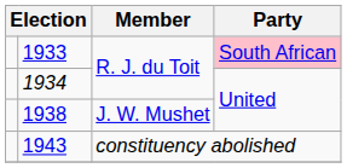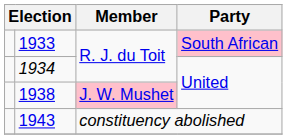 <table class="wikitable">
 <tr>
 <th colspan="2">Election</th>
 <th>Member</th>
 <th>Party</th>
 </tr>
 <tr>
 <td style="background-color: "></td>
 <td><a href='#'>1933</a></td>
 <td rowspan="2"><a href='#'>R. J. du Toit</a></td>
 <td style="background: pink;"><a href='#'>South African</a></td>
 </tr>
 <tr>
 <td style="background-color: "></td>
 <td><em>1934</em></td>
 <td rowspan="2"><a href='#'>United</a></td>
 </tr>
 <tr>
 <td style="background-color: "></td>
 <td><a href='#'>1938</a></td>
-<td><a href='#'>J. W. Mushet</a></td>
+<td style="background: pink;"><a href='#'>J. W. Mushet</a></td>
 </tr>
 <tr>
 <td style="background-color: "></td>
 <td><a href='#'>1943</a></td>
 <td colspan="2"><em>constituency abolished</em></td>
 </tr>
 <tr>
 </tr>
 </table>
